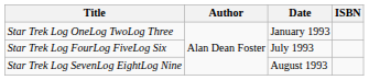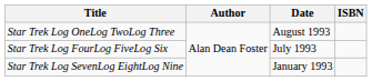 <table class="wikitable">
 <tr>
 <th>Title</th>
 <th>Author</th>
 <th>Date</th>
 <th>ISBN</th>
 </tr>
 <tr>
 <td><em>Star Trek Log OneLog TwoLog Three</em></td>
 <td rowspan="3">Alan Dean Foster</td>
-<td>January 1993</td>
+<td>August 1993</td>
 <td></td>
 </tr>
 <tr>
 <td><em>Star Trek Log FourLog FiveLog Six</em></td>
 <td>July 1993</td>
 <td></td>
 </tr>
 <tr>
 <td><em>Star Trek Log SevenLog EightLog Nine</em></td>
-<td>August 1993</td>
+<td>January 1993</td>
 <td></td>
 </tr>
 </table>
